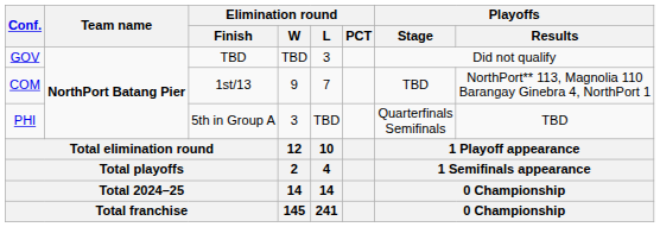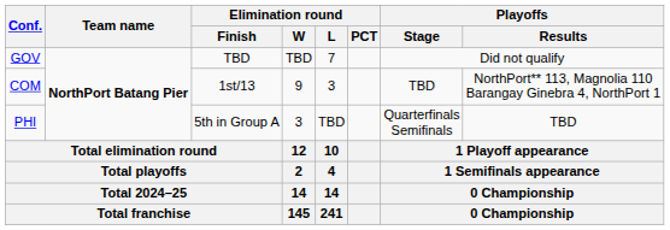 <table class=wikitable style="text-align:center;">
 <tr>
 <th rowspan="2"><a href='#'>Conf.</a></th>
 <th rowspan="2">Team name</th>
 <th colspan=4>Elimination round</th>
 <th colspan=2>Playoffs</th>
 </tr>
 <tr>
 <th>Finish</th>
 <th>W</th>
 <th>L</th>
 <th>PCT</th>
 <th>Stage</th>
 <th>Results</th>
 </tr>
 <tr>
 <td><a href='#'>GOV</a></td>
 <td rowspan=3><strong>NorthPort Batang Pier</strong></td>
 <td>TBD</td>
 <td>TBD</td>
-<td>3</td>
+<td>7</td>
 <td></td>
 <td colspan=2>Did not qualify</td>
 </tr>
 <tr>
 <td><a href='#'>COM</a></td>
 <td>1st/13</td>
 <td>9</td>
-<td>7</td>
+<td>3</td>
 <td></td>
 <td>TBD</td>
 <td>NorthPort** 113, Magnolia 110<br>Barangay Ginebra 4, NorthPort 1</td>
 </tr>
 <tr>
 <td><a href='#'>PHI</a></td>
 <td>5th in Group A</td>
 <td>3</td>
 <td>TBD</td>
 <td></td>
 <td>Quarterfinals<br>Semifinals</td>
 <td>TBD</td>
 </tr>
 <tr>
 <th colspan=3>Total elimination round</th>
 <th>12</th>
 <th>10</th>
 <th></th>
 <th colspan=2>1 Playoff appearance</th>
 </tr>
 <tr>
 <th colspan=3>Total playoffs</th>
 <th>2</th>
 <th>4</th>
 <th></th>
 <th colspan=2>1 Semifinals appearance</th>
 </tr>
 <tr>
 <th colspan=3>Total 2024–25</th>
 <th>14</th>
 <th>14</th>
 <th></th>
 <th colspan=2>0 Championship</th>
 </tr>
 <tr>
 <th colspan=3>Total franchise</th>
 <th>145</th>
 <th>241</th>
 <th></th>
 <th colspan=2>0 Championship</th>
 </tr>
 </table>
